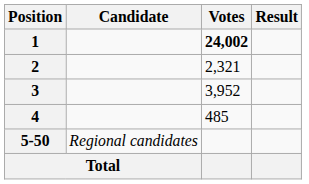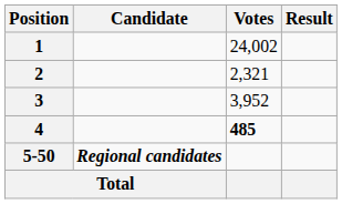 <table class="wikitable sortable col3right">
 <tr>
 <th scope="col">Position</th>
 <th scope="col">Candidate</th>
 <th scope="col">Votes</th>
 <th scope="col">Result</th>
 </tr>
 <tr>
 <th scope="row">1</th>
 <td></td>
-<td><strong>24,002</strong></td>
+<td>24,002</td>
 <td></td>
 </tr>
 <tr>
 <th scope="row">2</th>
 <td></td>
 <td>2,321</td>
 <td></td>
 </tr>
 <tr>
 <th scope="row">3</th>
 <td></td>
 <td>3,952</td>
 <td></td>
 </tr>
 <tr>
 <th scope="row">4</th>
 <td></td>
-<td>485</td>
+<td><strong>485</strong></td>
 <td></td>
 </tr>
 <tr>
 <th scope="row">5-50</th>
-<td><em>Regional candidates</em></td>
+<td><strong><em>Regional candidates</em></strong></td>
 <td style="text-align:right"></td>
 <td></td>
 </tr>
 <tr class="sortbottom">
 <th scope="row" colspan="2">Total</th>
 <th style="text-align:right"></th>
 <th></th>
 </tr>
 </table>
